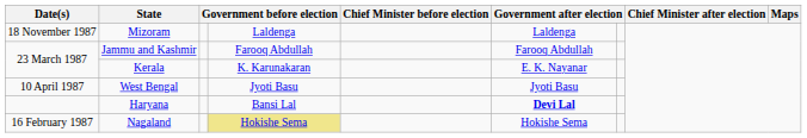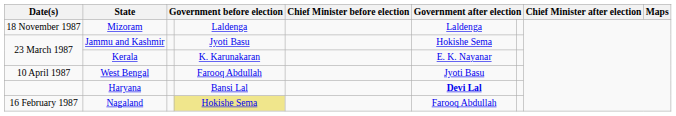 <table class="wikitable sortable" style="text-align:center;">
 <tr>
 <th>Date(s)</th>
 <th>State</th>
 <th colspan="2">Government before election</th>
 <th>Chief Minister before election</th>
 <th colspan="2">Government after election</th>
 <th>Chief Minister after election</th>
 <th>Maps</th>
 </tr>
 <tr>
 <td>18 November 1987</td>
 <td><a href='#'>Mizoram</a></td>
 <td></td>
 <td><a href='#'>Laldenga</a></td>
 <td></td>
 <td><a href='#'>Laldenga</a></td>
 <td></td>
 </tr>
 <tr>
 <td rowspan="2">23 March 1987</td>
 <td><a href='#'>Jammu and Kashmir</a></td>
 <td></td>
-<td><a href='#'>Farooq Abdullah</a></td>
+<td><a href='#'>Jyoti Basu</a></td>
 <td></td>
-<td><a href='#'>Farooq Abdullah</a></td>
+<td><a href='#'>Hokishe Sema</a></td>
 <td></td>
 </tr>
 <tr>
 <td><a href='#'>Kerala</a></td>
 <td></td>
 <td><a href='#'>K. Karunakaran</a></td>
 <td></td>
 <td><a href='#'>E. K. Nayanar</a></td>
 <td></td>
 </tr>
 <tr>
 <td>10 April 1987</td>
 <td><a href='#'>West Bengal</a></td>
 <td></td>
-<td><a href='#'>Jyoti Basu</a></td>
+<td><a href='#'>Farooq Abdullah</a></td>
 <td></td>
 <td><a href='#'>Jyoti Basu</a></td>
 <td></td>
 </tr>
 <tr>
 <td></td>
 <td><a href='#'>Haryana</a></td>
 <td></td>
 <td><a href='#'>Bansi Lal</a></td>
 <td></td>
 <td><strong><a href='#'>Devi Lal</a></strong></td>
 <td></td>
 </tr>
 <tr>
 <td>16 February 1987</td>
 <td><a href='#'>Nagaland</a></td>
 <td></td>
 <td style="background: khaki;"><a href='#'>Hokishe Sema</a></td>
 <td></td>
-<td><a href='#'>Hokishe Sema</a></td>
+<td><a href='#'>Farooq Abdullah</a></td>
 <td></td>
 </tr>
 </table>
